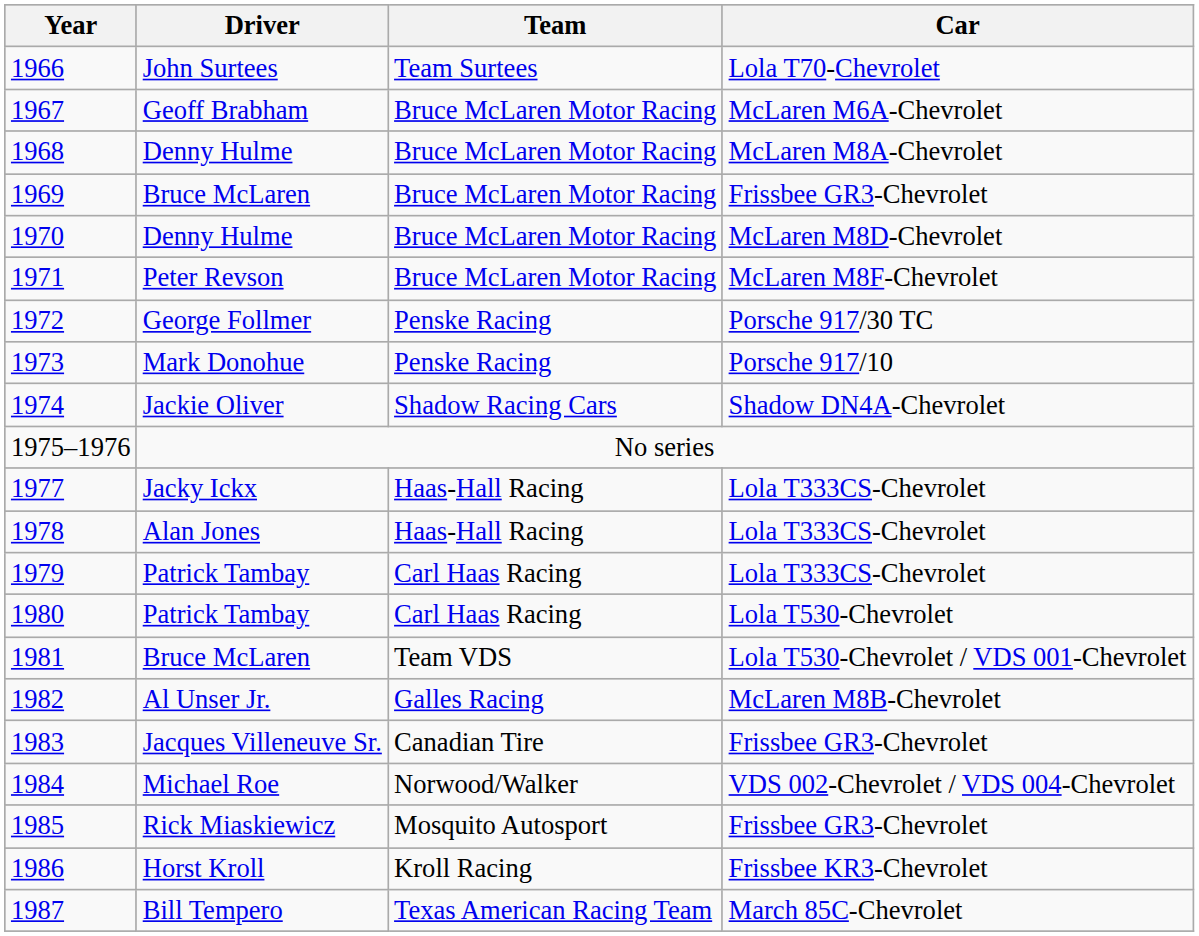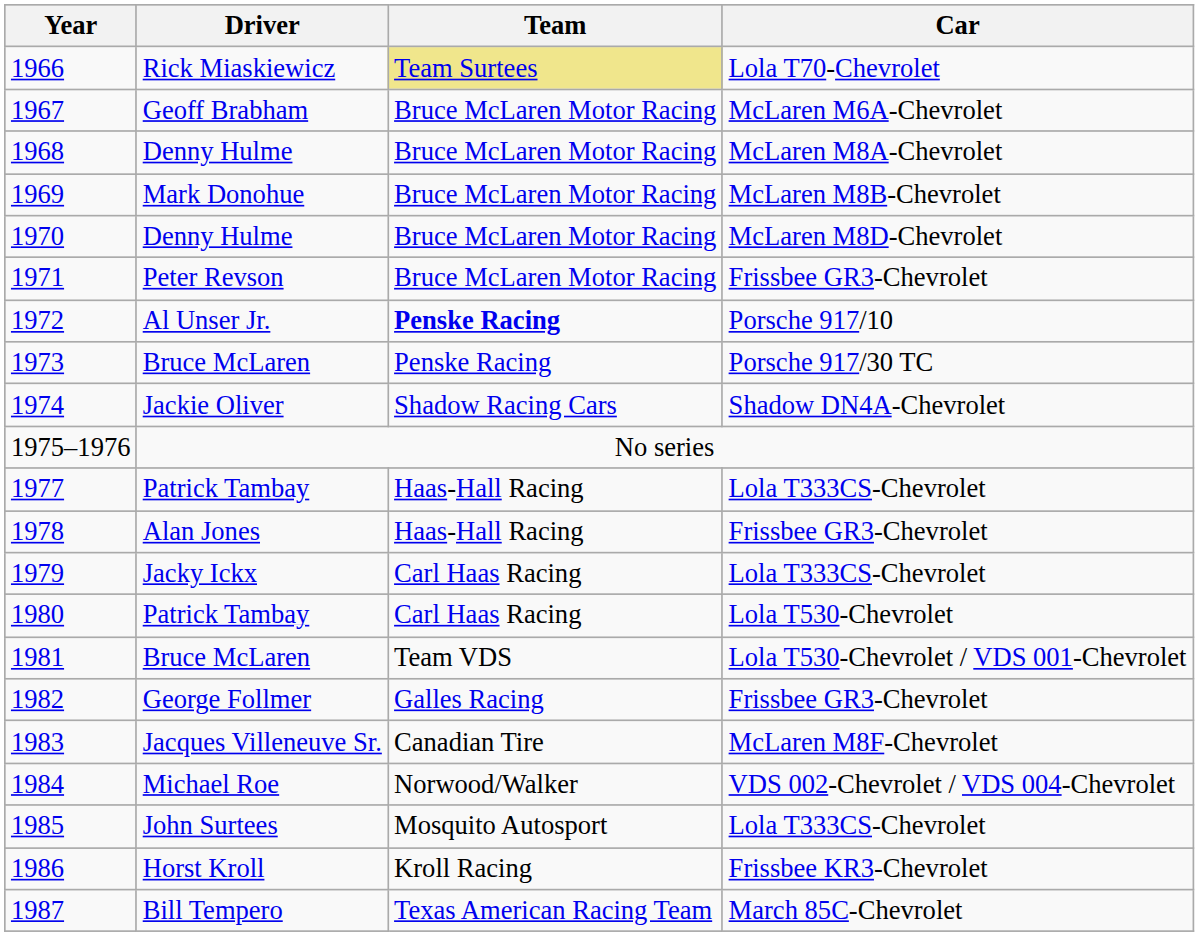 <table class="wikitable">
 <tr>
 <th>Year</th>
 <th>Driver</th>
 <th>Team</th>
 <th>Car</th>
 </tr>
 <tr>
 <td><a href='#'>1966</a></td>
-<td> <a href='#'>John Surtees</a></td>
-<td> <a href='#'>Team Surtees</a></td>
+<td> <a href='#'>Rick Miaskiewicz</a></td>
+<td style="background: khaki;"> <a href='#'>Team Surtees</a></td>
 <td><a href='#'>Lola T70</a>-<a href='#'>Chevrolet</a></td>
 </tr>
 <tr>
 <td><a href='#'>1967</a></td>
 <td> <a href='#'>Geoff Brabham</a></td>
 <td> <a href='#'>Bruce McLaren Motor Racing</a></td>
 <td><a href='#'>McLaren M6A</a>-Chevrolet</td>
 </tr>
 <tr>
 <td><a href='#'>1968</a></td>
 <td> <a href='#'>Denny Hulme</a></td>
 <td> <a href='#'>Bruce McLaren Motor Racing</a></td>
 <td><a href='#'>McLaren M8A</a>-Chevrolet</td>
 </tr>
 <tr>
 <td><a href='#'>1969</a></td>
-<td> <a href='#'>Bruce McLaren</a></td>
+<td> <a href='#'>Mark Donohue</a></td>
 <td> <a href='#'>Bruce McLaren Motor Racing</a></td>
-<td><a href='#'>Frissbee GR3</a>-Chevrolet</td>
+<td><a href='#'>McLaren M8B</a>-Chevrolet</td>
 </tr>
 <tr>
 <td><a href='#'>1970</a></td>
 <td> <a href='#'>Denny Hulme</a></td>
 <td> <a href='#'>Bruce McLaren Motor Racing</a></td>
 <td><a href='#'>McLaren M8D</a>-Chevrolet</td>
 </tr>
 <tr>
 <td><a href='#'>1971</a></td>
 <td> <a href='#'>Peter Revson</a></td>
 <td> <a href='#'>Bruce McLaren Motor Racing</a></td>
-<td><a href='#'>McLaren M8F</a>-Chevrolet</td>
+<td><a href='#'>Frissbee GR3</a>-Chevrolet</td>
 </tr>
 <tr>
 <td><a href='#'>1972</a></td>
-<td> <a href='#'>George Follmer</a></td>
-<td> <a href='#'>Penske Racing</a></td>
-<td><a href='#'>Porsche 917</a>/30 TC</td>
+<td> <a href='#'>Al Unser Jr.</a></td>
+<td><strong> <a href='#'>Penske Racing</a></strong></td>
+<td><a href='#'>Porsche 917</a>/10</td>
 </tr>
 <tr>
 <td><a href='#'>1973</a></td>
-<td> <a href='#'>Mark Donohue</a></td>
+<td> <a href='#'>Bruce McLaren</a></td>
 <td> <a href='#'>Penske Racing</a></td>
-<td><a href='#'>Porsche 917</a>/10</td>
+<td><a href='#'>Porsche 917</a>/30 TC</td>
 </tr>
 <tr>
 <td><a href='#'>1974</a></td>
 <td> <a href='#'>Jackie Oliver</a></td>
 <td> <a href='#'>Shadow Racing Cars</a></td>
 <td><a href='#'>Shadow DN4A</a>-Chevrolet</td>
 </tr>
 <tr>
 <td>1975–1976</td>
 <td colspan=3 align="center">No series</td>
 </tr>
 <tr>
 <td><a href='#'>1977</a></td>
-<td> <a href='#'>Jacky Ickx</a></td>
+<td> <a href='#'>Patrick Tambay</a></td>
 <td> <a href='#'>Haas</a>-<a href='#'>Hall</a> Racing</td>
 <td><a href='#'>Lola T333CS</a>-Chevrolet</td>
 </tr>
 <tr>
 <td><a href='#'>1978</a></td>
 <td> <a href='#'>Alan Jones</a></td>
 <td> <a href='#'>Haas</a>-<a href='#'>Hall</a> Racing</td>
-<td><a href='#'>Lola T333CS</a>-Chevrolet</td>
+<td><a href='#'>Frissbee GR3</a>-Chevrolet</td>
 </tr>
 <tr>
 <td><a href='#'>1979</a></td>
-<td> <a href='#'>Patrick Tambay</a></td>
+<td> <a href='#'>Jacky Ickx</a></td>
 <td> <a href='#'>Carl Haas</a> Racing</td>
 <td><a href='#'>Lola T333CS</a>-Chevrolet</td>
 </tr>
 <tr>
 <td><a href='#'>1980</a></td>
 <td> <a href='#'>Patrick Tambay</a></td>
 <td> <a href='#'>Carl Haas</a> Racing</td>
 <td><a href='#'>Lola T530</a>-Chevrolet</td>
 </tr>
 <tr>
 <td><a href='#'>1981</a></td>
 <td> <a href='#'>Bruce McLaren</a></td>
 <td> Team VDS</td>
 <td><a href='#'>Lola T530</a>-Chevrolet / <a href='#'>VDS 001</a>-Chevrolet</td>
 </tr>
 <tr>
 <td><a href='#'>1982</a></td>
-<td> <a href='#'>Al Unser Jr.</a></td>
+<td> <a href='#'>George Follmer</a></td>
 <td> <a href='#'>Galles Racing</a></td>
-<td><a href='#'>McLaren M8B</a>-Chevrolet</td>
+<td><a href='#'>Frissbee GR3</a>-Chevrolet</td>
 </tr>
 <tr>
 <td><a href='#'>1983</a></td>
 <td> <a href='#'>Jacques Villeneuve Sr.</a></td>
 <td> Canadian Tire</td>
-<td><a href='#'>Frissbee GR3</a>-Chevrolet</td>
+<td><a href='#'>McLaren M8F</a>-Chevrolet</td>
 </tr>
 <tr>
 <td><a href='#'>1984</a></td>
 <td> <a href='#'>Michael Roe</a></td>
 <td> Norwood/Walker</td>
 <td><a href='#'>VDS 002</a>-Chevrolet / <a href='#'>VDS 004</a>-Chevrolet</td>
 </tr>
 <tr>
 <td><a href='#'>1985</a></td>
-<td> <a href='#'>Rick Miaskiewicz</a></td>
+<td> <a href='#'>John Surtees</a></td>
 <td> Mosquito Autosport</td>
-<td><a href='#'>Frissbee GR3</a>-Chevrolet</td>
+<td><a href='#'>Lola T333CS</a>-Chevrolet</td>
 </tr>
 <tr>
 <td><a href='#'>1986</a></td>
 <td> <a href='#'>Horst Kroll</a></td>
 <td> Kroll Racing</td>
 <td><a href='#'>Frissbee KR3</a>-Chevrolet</td>
 </tr>
 <tr>
 <td><a href='#'>1987</a></td>
 <td> <a href='#'>Bill Tempero</a></td>
 <td> <a href='#'>Texas American Racing Team</a></td>
 <td><a href='#'>March 85C</a>-Chevrolet</td>
 </tr>
 </table>
